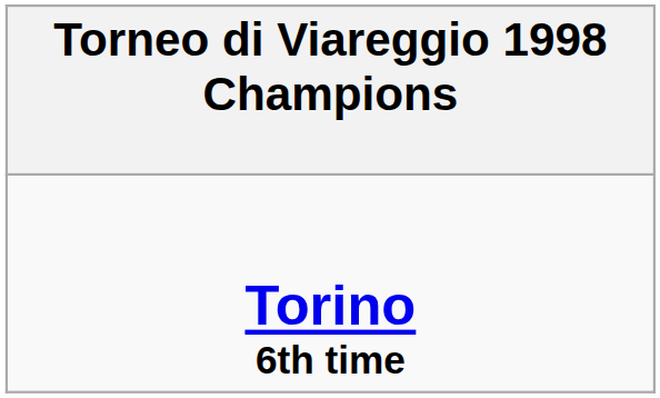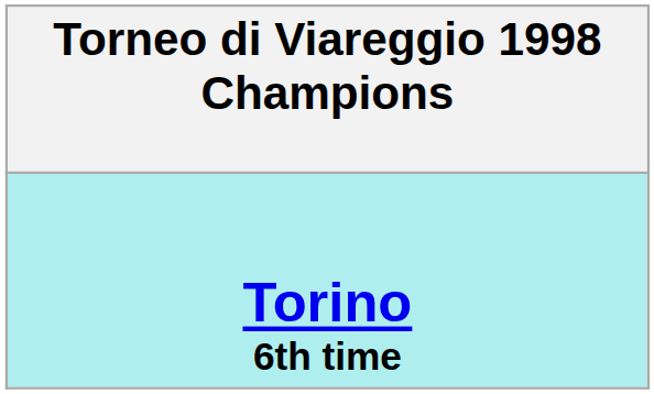 <table class="wikitable" style="margin: 0 auto; width: 30%;">
 <tr>
 <th><big>Torneo di Viareggio 1998 Champions</big><br><br></th>
 </tr>
 <tr>
-<td align=center><br><br><big><big><strong><a href='#'>Torino</a></strong><br></big></big><strong>6th time</strong></td>
+<td align=center style="background: paleturquoise;"><br><br><big><big><strong><a href='#'>Torino</a></strong><br></big></big><strong>6th time</strong></td>
 </tr>
 </table>
